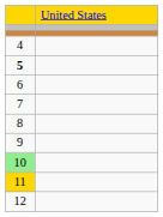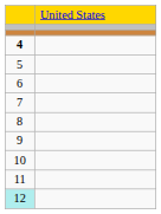 <table class="wikitable" style="width:200px;">
 <tr style="background:gold;">
 <td align=center></td>
 <td> <a href='#'>United States</a></td>
 </tr>
 <tr style="background:silver;">
 <td align=center></td>
 <td></td>
 </tr>
 <tr style="background:peru;">
 <td align=center></td>
 <td></td>
 </tr>
 <tr>
-<td align=center>4</td>
+<td align=center><strong>4</strong></td>
 <td></td>
 </tr>
 <tr>
-<td align=center><strong>5</strong></td>
+<td align=center>5</td>
 <td></td>
 </tr>
 <tr>
 <td align=center>6</td>
 <td></td>
 </tr>
 <tr>
 <td align=center>7</td>
 <td></td>
 </tr>
 <tr>
 <td align=center>8</td>
 <td></td>
 </tr>
 <tr>
 <td align=center>9</td>
 <td></td>
 </tr>
 <tr>
-<td align=center style="background: lightgreen;">10</td>
+<td align=center>10</td>
 <td></td>
 </tr>
 <tr>
-<td align=center style="background: gold;">11</td>
+<td align=center>11</td>
 <td></td>
 </tr>
 <tr>
-<td align=center>12</td>
+<td align=center style="background: paleturquoise;">12</td>
 <td></td>
 </tr>
 </table>
